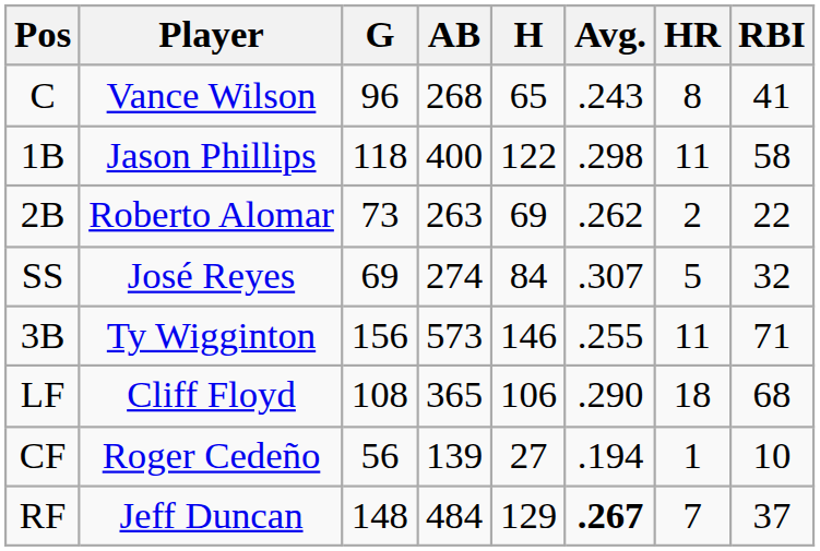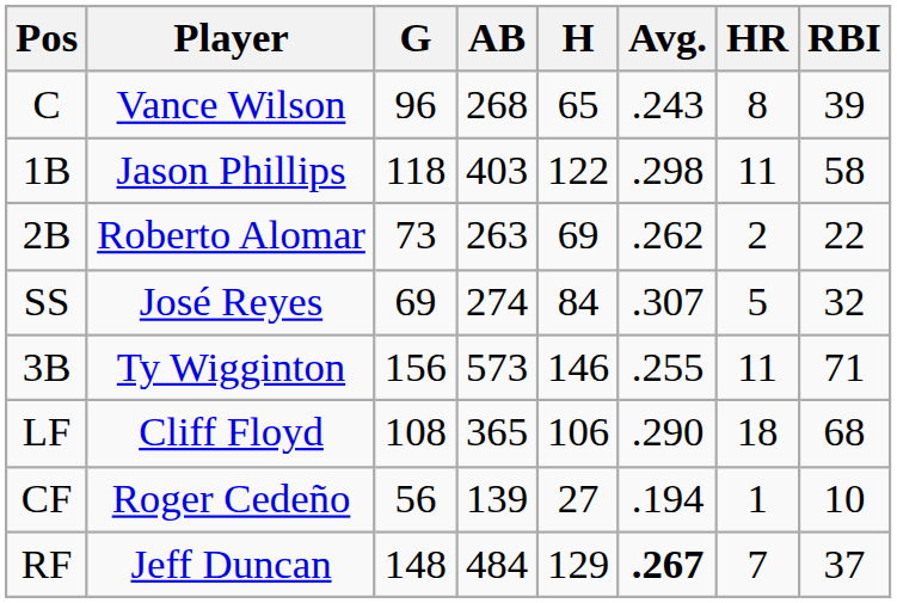 <table class="wikitable sortable">
 <tr>
 <th>Pos</th>
 <th>Player</th>
 <th>G</th>
 <th>AB</th>
 <th>H</th>
 <th>Avg.</th>
 <th>HR</th>
 <th>RBI</th>
 </tr>
 <tr align="center">
 <td>C</td>
 <td><a href='#'>Vance Wilson</a></td>
 <td>96</td>
 <td>268</td>
 <td>65</td>
 <td>.243</td>
 <td>8</td>
-<td>41</td>
+<td>39</td>
 </tr>
 <tr align=center>
 <td>1B</td>
 <td><a href='#'>Jason Phillips</a></td>
 <td>118</td>
-<td>400</td>
+<td>403</td>
 <td>122</td>
 <td>.298</td>
 <td>11</td>
 <td>58</td>
 </tr>
 <tr align=center>
 <td>2B</td>
 <td><a href='#'>Roberto Alomar</a></td>
 <td>73</td>
 <td>263</td>
 <td>69</td>
 <td>.262</td>
 <td>2</td>
 <td>22</td>
 </tr>
 <tr align=center>
 <td>SS</td>
 <td><a href='#'>José Reyes</a></td>
 <td>69</td>
 <td>274</td>
 <td>84</td>
 <td>.307</td>
 <td>5</td>
 <td>32</td>
 </tr>
 <tr align=center>
 <td>3B</td>
 <td><a href='#'>Ty Wigginton</a></td>
 <td>156</td>
 <td>573</td>
 <td>146</td>
 <td>.255</td>
 <td>11</td>
 <td>71</td>
 </tr>
 <tr align=center>
 <td>LF</td>
 <td><a href='#'>Cliff Floyd</a></td>
 <td>108</td>
 <td>365</td>
 <td>106</td>
 <td>.290</td>
 <td>18</td>
 <td>68</td>
 </tr>
 <tr align=center>
 <td>CF</td>
 <td><a href='#'>Roger Cedeño</a></td>
 <td>56</td>
 <td>139</td>
 <td>27</td>
 <td>.194</td>
 <td>1</td>
 <td>10</td>
 </tr>
 <tr align=center>
 <td>RF</td>
 <td><a href='#'>Jeff Duncan</a></td>
 <td>148</td>
 <td>484</td>
 <td>129</td>
 <td><strong>.267</strong></td>
 <td>7</td>
 <td>37</td>
 </tr>
 </table>
